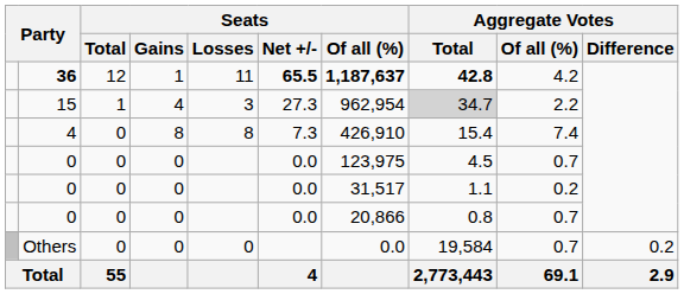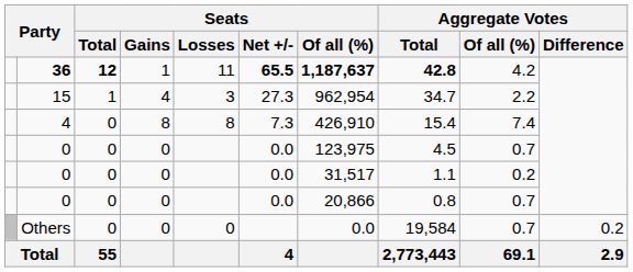 <table class="wikitable sortable" style="text-align:right; font-size:95%;">
 <tr>
 <th colspan="2" rowspan="2">Party</th>
 <th colspan="5">Seats</th>
 <th colspan="3">Aggregate Votes</th>
 </tr>
 <tr>
 <th>Total</th>
 <th>Gains</th>
 <th>Losses</th>
 <th>Net +/-</th>
 <th>Of all (%)</th>
 <th>Total</th>
 <th>Of all (%)</th>
 <th>Difference</th>
 </tr>
 <tr>
 <td></td>
 <td><strong>36</strong></td>
-<td>12</td>
+<td><strong>12</strong></td>
 <td>1</td>
 <td>11</td>
 <td><strong>65.5</strong></td>
 <td><strong>1,187,637</strong></td>
 <td><strong>42.8</strong></td>
 <td>4.2</td>
 </tr>
 <tr>
 <td></td>
 <td>15</td>
 <td>1</td>
 <td>4</td>
 <td>3</td>
 <td>27.3</td>
 <td>962,954</td>
-<td style="background: lightgrey;">34.7</td>
+<td>34.7</td>
 <td>2.2</td>
 </tr>
 <tr>
 <td></td>
 <td>4</td>
 <td>0</td>
 <td>8</td>
 <td>8</td>
 <td>7.3</td>
 <td>426,910</td>
 <td>15.4</td>
 <td>7.4</td>
 </tr>
 <tr>
 <td></td>
 <td>0</td>
 <td>0</td>
 <td>0</td>
 <td></td>
 <td>0.0</td>
 <td>123,975</td>
 <td>4.5</td>
 <td>0.7</td>
 </tr>
 <tr>
 <td></td>
 <td>0</td>
 <td>0</td>
 <td>0</td>
 <td></td>
 <td>0.0</td>
 <td>31,517</td>
 <td>1.1</td>
 <td>0.2</td>
 </tr>
 <tr>
 <td></td>
 <td>0</td>
 <td>0</td>
 <td>0</td>
 <td></td>
 <td>0.0</td>
 <td>20,866</td>
 <td>0.8</td>
 <td>0.7</td>
 </tr>
 <tr>
 <td style="background:silver;"> </td>
 <td align=left>Others</td>
 <td>0</td>
 <td>0</td>
 <td>0</td>
 <td></td>
 <td>0.0</td>
 <td>19,584</td>
 <td>0.7</td>
 <td>0.2</td>
 </tr>
 <tr class="sortbottom">
 <th colspan="2" style="background:#f2f2f2"><strong>Total</strong></th>
 <td style="background:#f2f2f2;"><strong>55</strong></td>
 <td style="background:#f2f2f2;"></td>
 <td style="background:#f2f2f2;"></td>
 <td style="background:#f2f2f2;"><strong>4</strong></td>
 <td style="background:#f2f2f2;"></td>
 <td style="background:#f2f2f2;"><strong>2,773,443</strong></td>
 <td style="background:#f2f2f2;"><strong>69.1</strong></td>
 <td style="background:#f2f2f2;"><strong>2.9</strong></td>
 </tr>
 </table>
